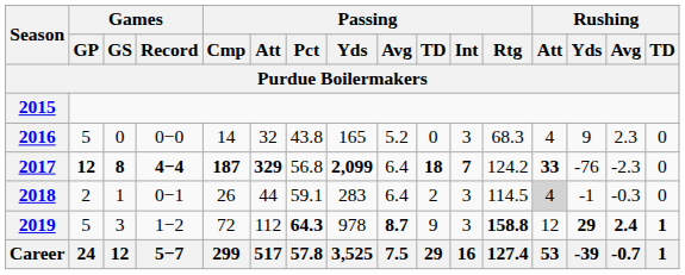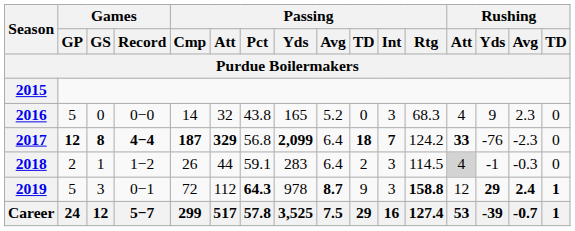 <table class="wikitable" style="text-align:center;">
 <tr>
 <th rowspan="2">Season</th>
 <th colspan="3">Games</th>
 <th colspan="8">Passing</th>
 <th colspan="5">Rushing</th>
 </tr>
 <tr>
 <th>GP</th>
 <th>GS</th>
 <th>Record</th>
 <th>Cmp</th>
 <th>Att</th>
 <th>Pct</th>
 <th>Yds</th>
 <th>Avg</th>
 <th>TD</th>
 <th>Int</th>
 <th>Rtg</th>
 <th>Att</th>
 <th>Yds</th>
 <th>Avg</th>
 <th>TD</th>
 </tr>
 <tr>
 <th colspan="16">Purdue Boilermakers</th>
 </tr>
 <tr>
 <th><a href='#'>2015</a></th>
 <td colspan="15"></td>
 </tr>
 <tr>
 <th><a href='#'>2016</a></th>
 <td>5</td>
 <td>0</td>
 <td>0−0</td>
 <td>14</td>
 <td>32</td>
 <td>43.8</td>
 <td>165</td>
 <td>5.2</td>
 <td>0</td>
 <td>3</td>
 <td>68.3</td>
 <td>4</td>
 <td>9</td>
 <td>2.3</td>
 <td>0</td>
 </tr>
 <tr>
 <th><a href='#'>2017</a></th>
 <td><strong>12</strong></td>
 <td><strong>8</strong></td>
 <td><strong>4−4</strong></td>
 <td><strong>187</strong></td>
 <td><strong>329</strong></td>
 <td>56.8</td>
 <td><strong>2,099</strong></td>
 <td>6.4</td>
 <td><strong>18</strong></td>
 <td><strong>7</strong></td>
 <td>124.2</td>
 <td><strong>33</strong></td>
 <td>-76</td>
 <td>-2.3</td>
 <td>0</td>
 </tr>
 <tr>
 <th><a href='#'>2018</a></th>
 <td>2</td>
 <td>1</td>
-<td>0−1</td>
+<td>1−2</td>
 <td>26</td>
 <td>44</td>
 <td>59.1</td>
 <td>283</td>
 <td>6.4</td>
 <td>2</td>
 <td>3</td>
 <td>114.5</td>
 <td style="background: lightgrey;">4</td>
 <td>-1</td>
 <td>-0.3</td>
 <td>0</td>
 </tr>
 <tr>
 <th><a href='#'>2019</a></th>
 <td>5</td>
 <td>3</td>
-<td>1−2</td>
+<td>0−1</td>
 <td>72</td>
 <td>112</td>
 <td><strong>64.3</strong></td>
 <td>978</td>
 <td><strong>8.7</strong></td>
 <td>9</td>
 <td>3</td>
 <td><strong>158.8</strong></td>
 <td>12</td>
 <td><strong>29</strong></td>
 <td><strong>2.4</strong></td>
 <td><strong>1</strong></td>
 </tr>
 <tr>
 <th>Career</th>
 <th>24</th>
 <th>12</th>
 <th>5−7</th>
 <th>299</th>
 <th>517</th>
 <th>57.8</th>
 <th>3,525</th>
 <th>7.5</th>
 <th>29</th>
 <th>16</th>
 <th>127.4</th>
 <th>53</th>
 <th>-39</th>
 <th>-0.7</th>
 <th>1</th>
 </tr>
 </table>
